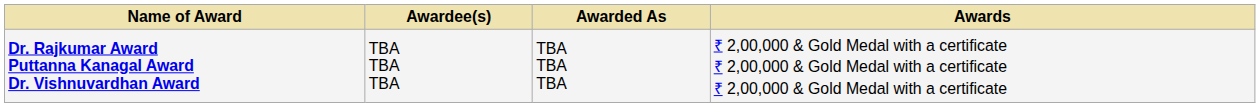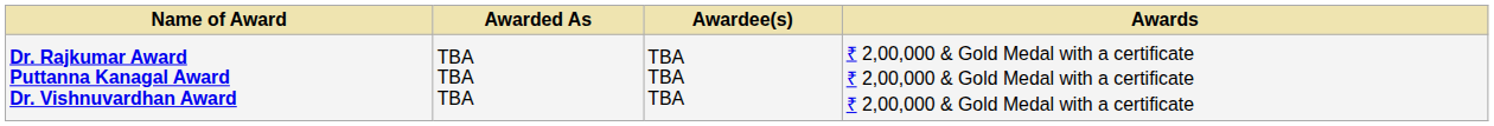 <table class="wikitable" style="width:100%;">
 <tr>
 <th style="background-color:#EFE4B0;">Name of Award</th>
+<th style="background-color:#EFE4B0;">Awarded As</th>
 <th style="background-color:#EFE4B0;">Awardee(s)</th>
-<th style="background-color:#EFE4B0;">Awarded As</th>
 <th style="background-color:#EFE4B0;">Awards</th>
 </tr>
 <tr style="background-color:#F4F4F4">
 <td><strong><a href='#'>Dr. Rajkumar Award</a></strong><br><strong><a href='#'>Puttanna Kanagal Award</a></strong><br><strong><a href='#'>Dr. Vishnuvardhan Award</a></strong></td>
 <td>TBA<br>TBA<br>TBA</td>
 <td>TBA<br>TBA<br>TBA</td>
 <td><a href='#'>₹</a> 2,00,000 & Gold Medal with a certificate<br><a href='#'>₹</a> 2,00,000 & Gold Medal with a certificate<br><a href='#'>₹</a> 2,00,000 & Gold Medal with a certificate</td>
 </tr>
 </table>
